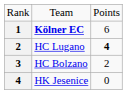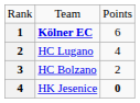 <table class="wikitable" style="text-align: center;">
 <tr>
 <td>Rank</td>
 <td>Team</td>
 <td>Points</td>
 </tr>
 <tr>
 <th>1</th>
 <td style="text-align: left;"> <strong><a href='#'>Kölner EC</a></strong></td>
 <td>6</td>
 </tr>
 <tr>
 <th>2</th>
 <td style="text-align: left;"> <a href='#'>HC Lugano</a></td>
-<td><strong>4</strong></td>
+<td>4</td>
 </tr>
 <tr>
 <th>3</th>
 <td style="text-align: left;"> <a href='#'>HC Bolzano</a></td>
 <td>2</td>
 </tr>
 <tr>
 <th>4</th>
 <td style="text-align: left;"> <a href='#'>HK Jesenice</a></td>
-<td>0</td>
+<td><strong>0</strong></td>
 </tr>
 </table>
